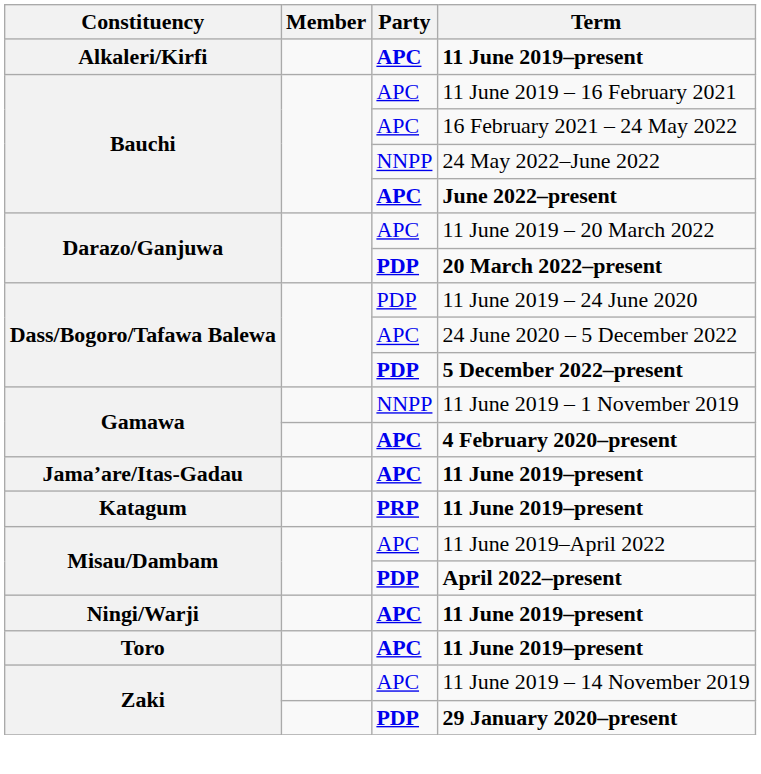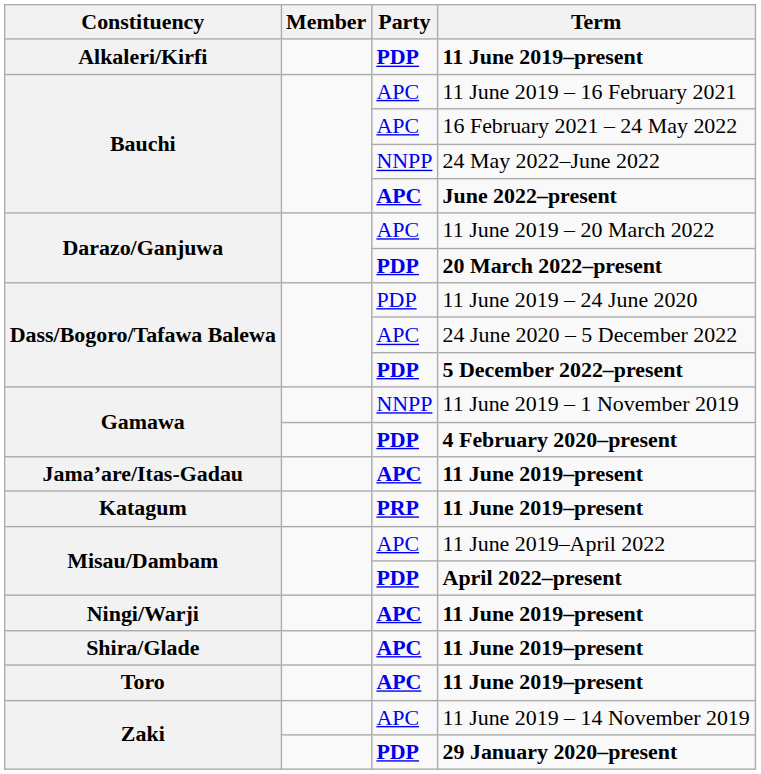 <table class="wikitable">
 <tr valign=bottom>
 <th>Constituency</th>
 <th>Member</th>
 <th>Party</th>
 <th>Term</th>
 </tr>
 <tr>
 <th>Alkaleri/Kirfi</th>
 <td><strong></strong></td>
-<td><strong><a href='#'>APC</a></strong></td>
+<td><strong><a href='#'>PDP</a></strong></td>
 <td><strong>11 June 2019–present</strong></td>
 </tr>
 <tr>
 <th rowspan=4>Bauchi</th>
 <td rowspan=4><strong></strong></td>
 <td><a href='#'>APC</a></td>
 <td>11 June 2019 – 16 February 2021</td>
 </tr>
 <tr>
 <td><a href='#'>APC</a></td>
 <td>16 February 2021 – 24 May 2022</td>
 </tr>
 <tr>
 <td><a href='#'>NNPP</a></td>
 <td>24 May 2022–June 2022</td>
 </tr>
 <tr>
 <td><strong><a href='#'>APC</a></strong></td>
 <td><strong>June 2022–present</strong></td>
 </tr>
 <tr>
 <th rowspan=2>Darazo/Ganjuwa</th>
 <td rowspan=2><strong></strong></td>
 <td><a href='#'>APC</a></td>
 <td>11 June 2019 – 20 March 2022</td>
 </tr>
 <tr>
 <td><strong><a href='#'>PDP</a></strong></td>
 <td><strong>20 March 2022–present</strong></td>
 </tr>
 <tr>
 <th rowspan=3>Dass/Bogoro/Tafawa Balewa</th>
 <td rowspan=3><strong></strong></td>
 <td><a href='#'>PDP</a></td>
 <td>11 June 2019 – 24 June 2020</td>
 </tr>
 <tr>
 <td><a href='#'>APC</a></td>
 <td>24 June 2020 – 5 December 2022</td>
 </tr>
 <tr>
 <td><strong><a href='#'>PDP</a></strong></td>
 <td><strong>5 December 2022–present</strong></td>
 </tr>
 <tr>
 <th rowspan=2>Gamawa</th>
 <td style="opacity:.4;"></td>
 <td><a href='#'>NNPP</a></td>
 <td>11 June 2019 – 1 November 2019</td>
 </tr>
 <tr>
 <td><strong></strong></td>
-<td><strong><a href='#'>APC</a></strong></td>
+<td><strong><a href='#'>PDP</a></strong></td>
 <td><strong>4 February 2020–present</strong></td>
 </tr>
 <tr>
 <th>Jama’are/Itas-Gadau</th>
 <td><strong></strong></td>
 <td><strong><a href='#'>APC</a></strong></td>
 <td><strong>11 June 2019–present</strong></td>
 </tr>
 <tr>
 <th>Katagum</th>
 <td><strong></strong></td>
 <td><strong><a href='#'>PRP</a></strong></td>
 <td><strong>11 June 2019–present</strong></td>
 </tr>
 <tr>
 <th rowspan=2>Misau/Dambam</th>
 <td rowspan=2><strong></strong></td>
 <td><a href='#'>APC</a></td>
 <td>11 June 2019–April 2022</td>
 </tr>
 <tr>
 <td><strong><a href='#'>PDP</a></strong></td>
 <td><strong>April 2022–present</strong></td>
 </tr>
 <tr>
 <th>Ningi/Warji</th>
 <td><strong></strong></td>
 <td><strong><a href='#'>APC</a></strong></td>
 <td><strong>11 June 2019–present</strong></td>
 </tr>
 <tr>
+<th>Shira/Glade</th>
+<td><strong></strong></td>
+<td><strong><a href='#'>APC</a></strong></td>
+<td><strong>11 June 2019–present</strong></td>
+</tr>
+<tr>
 <th>Toro</th>
 <td><strong></strong></td>
 <td><strong><a href='#'>APC</a></strong></td>
 <td><strong>11 June 2019–present</strong></td>
 </tr>
 <tr>
 <th rowspan=2>Zaki</th>
 <td style="opacity:.3;"></td>
 <td><a href='#'>APC</a></td>
 <td>11 June 2019 – 14 November 2019</td>
 </tr>
 <tr>
 <td><strong></strong></td>
 <td><strong><a href='#'>PDP</a></strong></td>
 <td><strong>29 January 2020–present</strong></td>
 </tr>
 </table>
